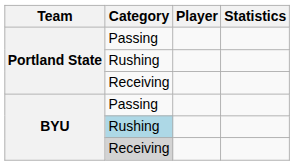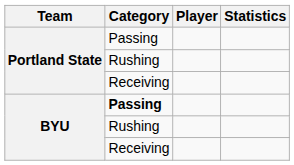 <table class="wikitable" style="float:right">
 <tr>
 <th>Team</th>
 <th>Category</th>
 <th>Player</th>
 <th>Statistics</th>
 </tr>
 <tr>
 <th rowspan=3>Portland State</th>
 <td>Passing</td>
 <td></td>
 <td></td>
 </tr>
 <tr>
 <td>Rushing</td>
 <td></td>
 <td></td>
 </tr>
 <tr>
 <td>Receiving</td>
 <td></td>
 <td></td>
 </tr>
 <tr>
 <th rowspan=3>BYU</th>
-<td>Passing</td>
+<td><strong>Passing</strong></td>
 <td></td>
 <td></td>
 </tr>
 <tr>
-<td style="background: lightblue;">Rushing</td>
+<td>Rushing</td>
 <td></td>
 <td></td>
 </tr>
 <tr>
-<td style="background: lightgrey;">Receiving</td>
+<td>Receiving</td>
 <td></td>
 <td></td>
 </tr>
 </table>
